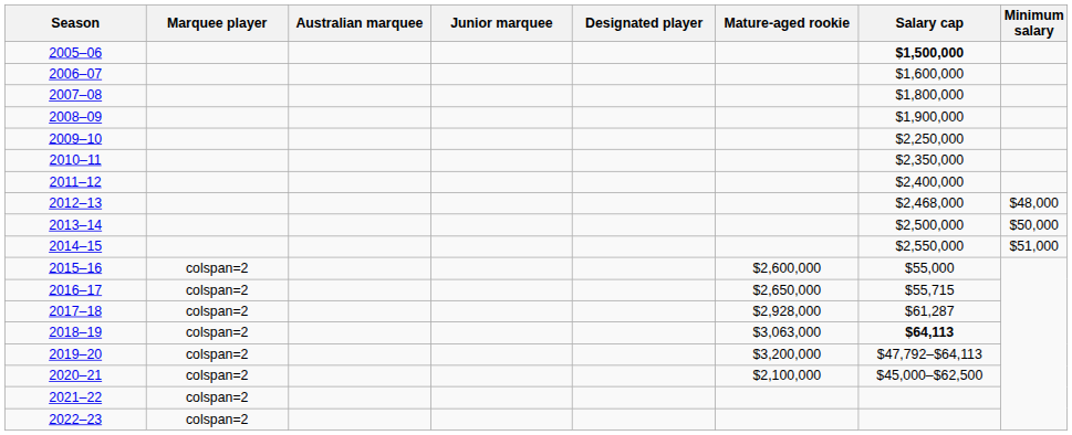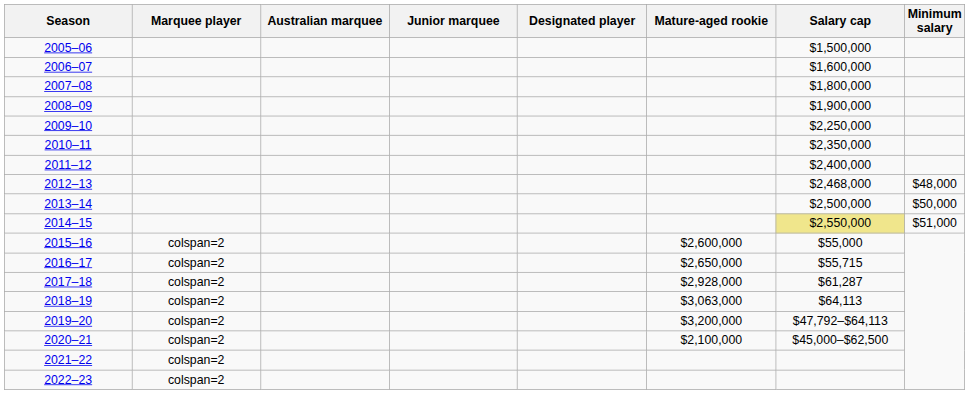 <table class="wikitable" style="text-align:center">
 <tr>
 <th width=14%>Season</th>
 <th width=14%>Marquee player</th>
 <th width=14%>Australian marquee</th>
 <th width=14%>Junior marquee</th>
 <th width=14%>Designated player</th>
 <th width=14%>Mature-aged rookie</th>
 <th width=14%>Salary cap</th>
 <th width=14%>Minimum salary</th>
 </tr>
 <tr>
 <td><a href='#'>2005–06</a></td>
 <td></td>
 <td></td>
 <td></td>
 <td></td>
 <td></td>
-<td><strong>$1,500,000</strong></td>
+<td>$1,500,000</td>
 <td></td>
 </tr>
 <tr>
 <td><a href='#'>2006–07</a></td>
 <td></td>
 <td></td>
 <td></td>
 <td></td>
 <td></td>
 <td>$1,600,000</td>
 <td></td>
 </tr>
 <tr>
 <td><a href='#'>2007–08</a></td>
 <td></td>
 <td></td>
 <td></td>
 <td></td>
 <td></td>
 <td>$1,800,000</td>
 <td></td>
 </tr>
 <tr>
 <td><a href='#'>2008–09</a></td>
 <td></td>
 <td></td>
 <td></td>
 <td></td>
 <td></td>
 <td>$1,900,000</td>
 <td></td>
 </tr>
 <tr>
 <td><a href='#'>2009–10</a></td>
 <td></td>
 <td></td>
 <td></td>
 <td></td>
 <td></td>
 <td>$2,250,000</td>
 <td></td>
 </tr>
 <tr>
 <td><a href='#'>2010–11</a></td>
 <td></td>
 <td></td>
 <td></td>
 <td></td>
 <td></td>
 <td>$2,350,000</td>
 <td></td>
 </tr>
 <tr>
 <td><a href='#'>2011–12</a></td>
 <td></td>
 <td></td>
 <td></td>
 <td></td>
 <td></td>
 <td>$2,400,000</td>
 <td></td>
 </tr>
 <tr>
 <td><a href='#'>2012–13</a></td>
 <td></td>
 <td></td>
 <td></td>
 <td></td>
 <td></td>
 <td>$2,468,000</td>
 <td>$48,000</td>
 </tr>
 <tr>
 <td><a href='#'>2013–14</a></td>
 <td></td>
 <td></td>
 <td></td>
 <td></td>
 <td></td>
 <td>$2,500,000</td>
 <td>$50,000</td>
 </tr>
 <tr>
 <td><a href='#'>2014–15</a></td>
 <td></td>
 <td></td>
 <td></td>
 <td></td>
 <td></td>
-<td>$2,550,000</td>
+<td style="background: khaki;">$2,550,000</td>
 <td>$51,000</td>
 </tr>
 <tr>
 <td><a href='#'>2015–16</a></td>
 <td>colspan=2 </td>
 <td></td>
 <td></td>
 <td></td>
 <td>$2,600,000</td>
 <td>$55,000</td>
 </tr>
 <tr>
 <td><a href='#'>2016–17</a></td>
 <td>colspan=2 </td>
 <td></td>
 <td></td>
 <td></td>
 <td>$2,650,000</td>
 <td>$55,715</td>
 </tr>
 <tr>
 <td><a href='#'>2017–18</a></td>
 <td>colspan=2 </td>
 <td></td>
 <td></td>
 <td></td>
 <td>$2,928,000</td>
 <td>$61,287</td>
 </tr>
 <tr>
 <td><a href='#'>2018–19</a></td>
 <td>colspan=2 </td>
 <td></td>
 <td></td>
 <td></td>
 <td>$3,063,000</td>
-<td><strong>$64,113</strong></td>
+<td>$64,113</td>
 </tr>
 <tr>
 <td><a href='#'>2019–20</a></td>
 <td>colspan=2 </td>
 <td></td>
 <td></td>
 <td></td>
 <td>$3,200,000</td>
 <td>$47,792–$64,113</td>
 </tr>
 <tr>
 <td><a href='#'>2020–21</a></td>
 <td>colspan=2 </td>
 <td></td>
 <td></td>
 <td></td>
 <td>$2,100,000</td>
 <td>$45,000–$62,500</td>
 </tr>
 <tr>
 <td><a href='#'>2021–22</a></td>
 <td>colspan=2 </td>
 <td></td>
 <td></td>
 <td></td>
 <td></td>
 <td></td>
 </tr>
 <tr>
 <td><a href='#'>2022–23</a></td>
 <td>colspan=2 </td>
 <td></td>
 <td></td>
 <td></td>
 <td></td>
 <td></td>
 </tr>
 </table>
